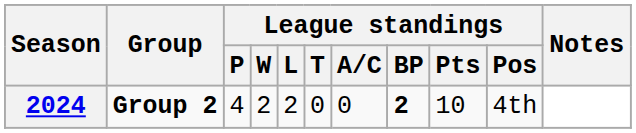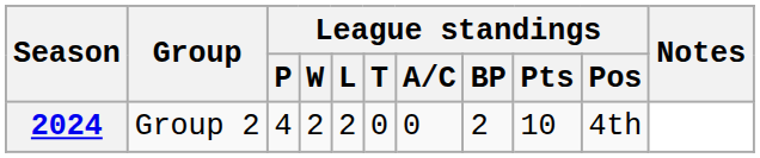 <table class="wikitable sortable">
 <tr>
 <th scope="col" rowspan="2">Season</th>
 <th scope="col" rowspan="2">Group</th>
 <th scope="col" colspan="8">League standings</th>
 <th scope="col" rowspan="2">Notes</th>
 </tr>
 <tr>
 <th scope="col">P</th>
 <th scope="col">W</th>
 <th scope="col">L</th>
 <th scope="col">T</th>
 <th scope="col">A/C</th>
 <th scope="col">BP</th>
 <th scope="col">Pts</th>
 <th scope="col">Pos</th>
 </tr>
 <tr>
 <th scope="row"><a href='#'>2024</a></th>
-<td><strong>Group 2</strong></td>
+<td>Group 2</td>
 <td>4</td>
 <td>2</td>
 <td>2</td>
 <td>0</td>
 <td>0</td>
-<td><strong>2</strong></td>
+<td>2</td>
 <td>10</td>
 <td>4th</td>
 <td style="background: white;"></td>
 </tr>
 </table>
